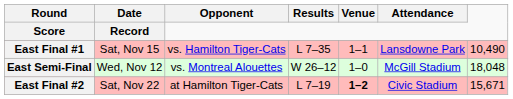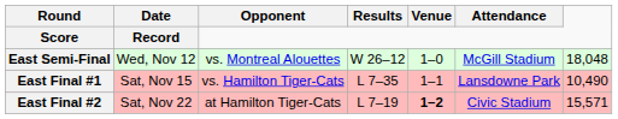 <table class="wikitable" style="text-align:center">
 <tr>
 <th>Round</th>
 <th>Date</th>
 <th>Opponent</th>
 <th>Results</th>
 <th>Venue</th>
 <th>Attendance</th>
 </tr>
 <tr>
 <th>Score</th>
 <th>Record</th>
 </tr>
-<tr style="background:#ffbbbb">
-<th>East Final #1</th>
-<td>Sat, Nov 15</td>
-<td>vs. <a href='#'>Hamilton Tiger-Cats</a></td>
-<td>L 7–35</td>
-<td>1–1</td>
-<td><a href='#'>Lansdowne Park</a></td>
-<td>10,490</td>
-</tr>
 <tr style="background:#ddffdd">
 <th>East Semi-Final</th>
 <td>Wed, Nov 12</td>
 <td>vs. <a href='#'>Montreal Alouettes</a></td>
 <td>W 26–12</td>
 <td>1–0</td>
 <td><a href='#'>McGill Stadium</a></td>
 <td>18,048</td>
 </tr>
 <tr style="background:#ffbbbb">
+<th>East Final #1</th>
+<td>Sat, Nov 15</td>
+<td>vs. <a href='#'>Hamilton Tiger-Cats</a></td>
+<td>L 7–35</td>
+<td>1–1</td>
+<td><a href='#'>Lansdowne Park</a></td>
+<td>10,490</td>
+</tr>
+<tr style="background:#ffbbbb">
 <th>East Final #2</th>
 <td>Sat, Nov 22</td>
 <td>at Hamilton Tiger-Cats</td>
 <td>L 7–19</td>
 <td><strong>1–2</strong></td>
 <td><a href='#'>Civic Stadium</a></td>
-<td>15,671</td>
+<td>15,571</td>
 </tr>
 </table>
